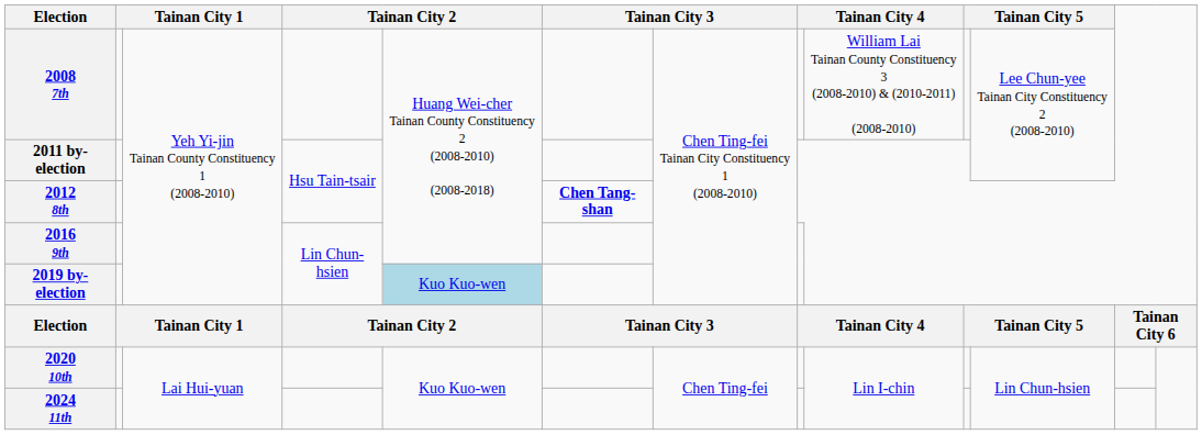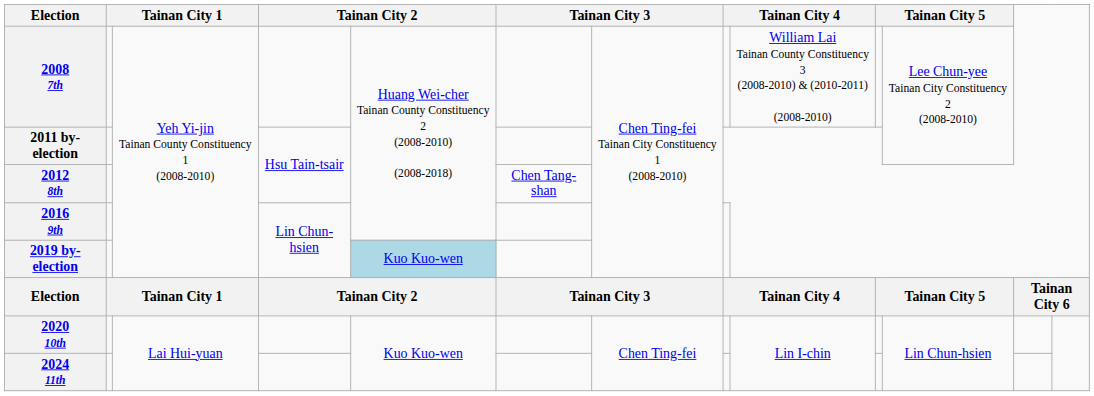 <table class="wikitable" align="center" style="text-align:center">
 <tr>
 <th>Election</th>
 <th colspan="2" width="80px">Tainan City 1</th>
 <th colspan="2" width="80px">Tainan City 2</th>
 <th colspan="2" width="80px">Tainan City 3</th>
 <th colspan="2" width="80px">Tainan City 4</th>
 <th colspan="2" width="80px">Tainan City 5</th>
 </tr>
 <tr>
 <th><a href='#'>2008</a><br><small><em><a href='#'>7th</a></em></small><br></th>
 <td></td>
 <td rowspan=5><a href='#'>Yeh Yi-jin</a><br><small>Tainan County Constituency 1<br>(2008-2010)</small></td>
 <td></td>
 <td rowspan=4><a href='#'>Huang Wei-cher</a><br><small>Tainan County Constituency 2<br>(2008-2010)</small><br><br><small>(2008-2018)</small></td>
 <td></td>
 <td rowspan=5><a href='#'>Chen Ting-fei</a><br><small>Tainan City Constituency 1<br>(2008-2010)</small></td>
 <td></td>
 <td><a href='#'>William Lai</a><br><small>Tainan County Constituency 3<br>(2008-2010) & (2010-2011)</small><br><br><small>(2008-2010)</small></td>
 <td></td>
 <td rowspan=2><a href='#'>Lee Chun-yee</a><br><small>Tainan City Constituency 2<br>(2008-2010)</small></td>
 </tr>
 <tr>
 <th>2011 by-election</th>
 <td></td>
 <td rowspan=2><a href='#'>Hsu Tain-tsair</a></td>
 </tr>
 <tr>
 <th><a href='#'>2012</a><br><small><em><a href='#'>8th</a></em></small><br></th>
 <td></td>
-<td><strong><a href='#'>Chen Tang-shan</a></strong></td>
+<td><a href='#'>Chen Tang-shan</a></td>
 </tr>
 <tr>
 <th><a href='#'>2016</a><br><small><em><a href='#'>9th</a></em></small><br></th>
 <td></td>
 <td rowspan=2><a href='#'>Lin Chun-hsien</a></td>
 <td></td>
 <td rowspan=2></td>
 </tr>
 <tr>
 <th><a href='#'>2019 by-election</a></th>
 <td></td>
 <td style="background: lightblue;"><a href='#'>Kuo Kuo-wen</a></td>
 </tr>
 <tr>
 <th>Election</th>
 <th colspan="2" width="80px">Tainan City 1</th>
 <th colspan="2" width="80px">Tainan City 2</th>
 <th colspan="2" width="80px">Tainan City 3</th>
 <th colspan="2" width="80px">Tainan City 4</th>
 <th colspan="2" width="80px">Tainan City 5</th>
 <th colspan="2" width="80px">Tainan City 6</th>
 </tr>
 <tr>
 <th><a href='#'>2020</a><br><small><em><a href='#'>10th</a></em></small><br></th>
 <td></td>
 <td rowspan=2><a href='#'>Lai Hui-yuan</a></td>
 <td></td>
 <td rowspan=2><a href='#'>Kuo Kuo-wen</a></td>
 <td></td>
 <td rowspan=2><a href='#'>Chen Ting-fei</a></td>
 <td></td>
 <td rowspan=2><a href='#'>Lin I-chin</a></td>
 <td></td>
 <td rowspan=2><a href='#'>Lin Chun-hsien</a></td>
 <td></td>
 <td rowspan=2></td>
 </tr>
 <tr>
 <th><a href='#'>2024</a><br><small><em><a href='#'>11th</a></em></small><br></th>
 </tr>
 </table>
